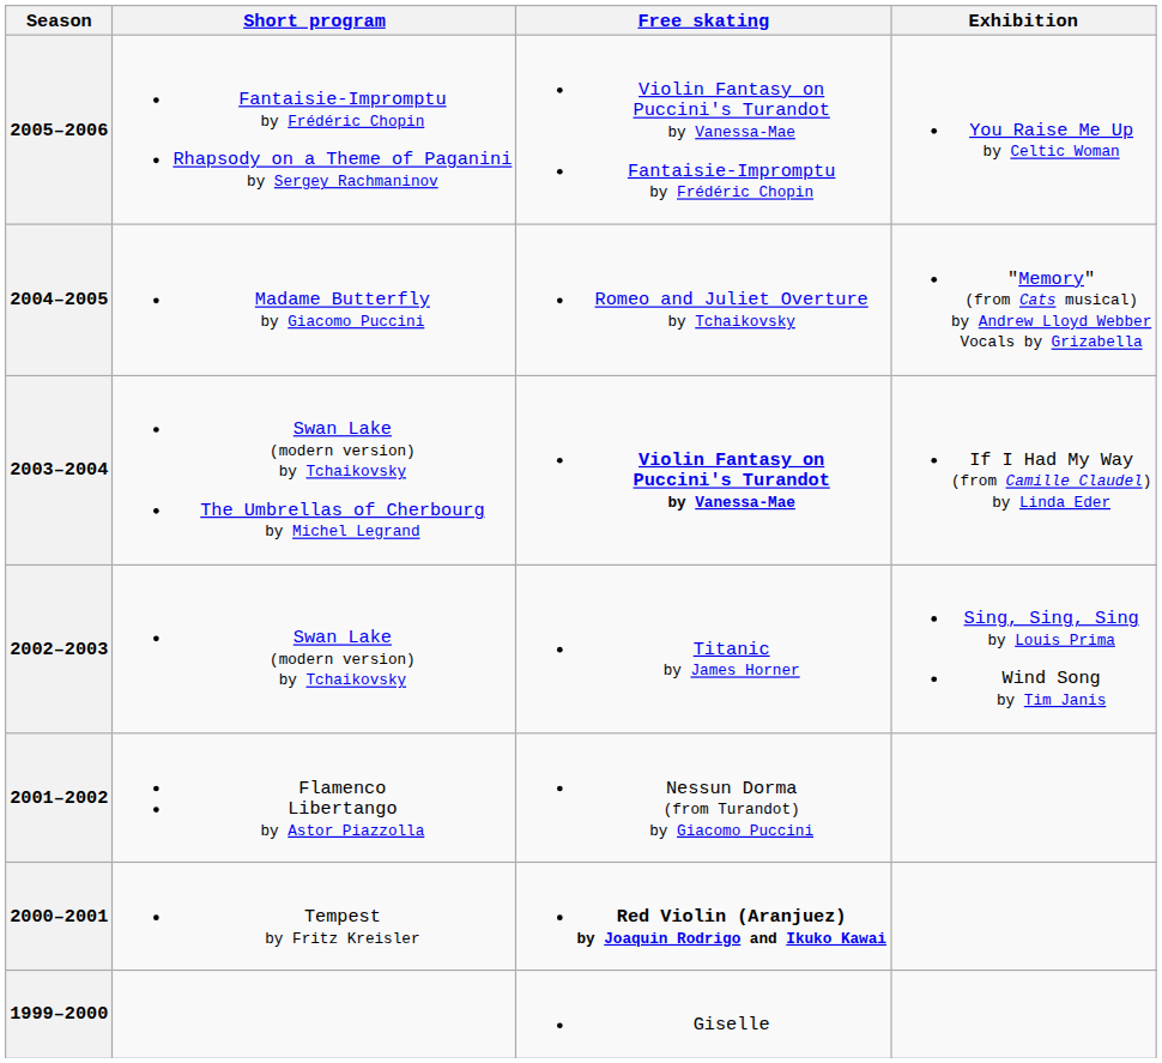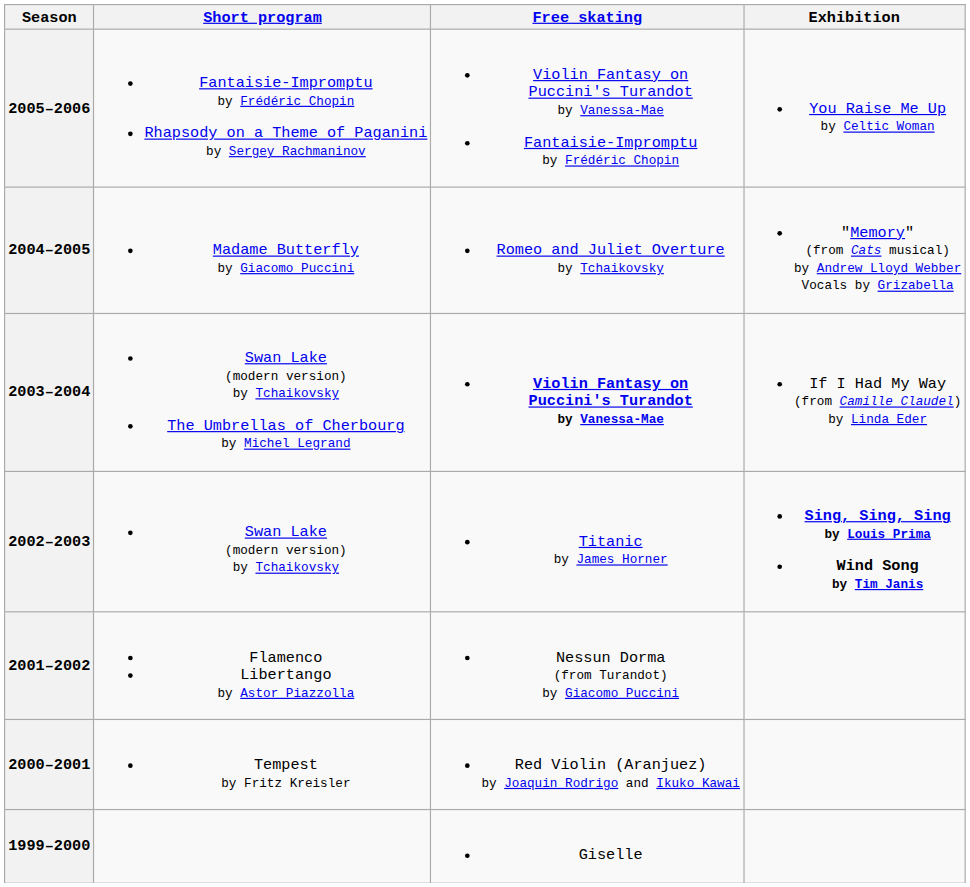 <table class="wikitable" style="text-align:center">
 <tr>
 <th>Season</th>
 <th><a href='#'>Short program</a></th>
 <th><a href='#'>Free skating</a></th>
 <th>Exhibition</th>
 </tr>
 <tr>
 <th>2005–2006 <br></th>
 <td><br><ul><li><a href='#'>Fantaisie-Impromptu</a> <br><small> by <a href='#'>Frédéric Chopin</a> </small></li></ul><ul><li><a href='#'>Rhapsody on a Theme of Paganini</a> <br><small> by <a href='#'>Sergey Rachmaninov</a> </small></li></ul></td>
 <td><br><ul><li><a href='#'>Violin Fantasy on <br> Puccini's Turandot</a> <br><small> by <a href='#'>Vanessa-Mae</a> </small></li></ul><ul><li><a href='#'>Fantaisie-Impromptu</a> <br><small> by <a href='#'>Frédéric Chopin</a> </small></li></ul></td>
 <td><br><ul><li><a href='#'>You Raise Me Up</a> <br><small> by <a href='#'>Celtic Woman</a> </small></li></ul></td>
 </tr>
 <tr>
 <th>2004–2005 <br></th>
 <td><br><ul><li><a href='#'>Madame Butterfly</a> <br><small> by <a href='#'>Giacomo Puccini</a> </small></li></ul></td>
 <td><br><ul><li><a href='#'>Romeo and Juliet Overture</a> <br><small> by <a href='#'>Tchaikovsky</a> </small></li></ul></td>
 <td><br><ul><li>"<a href='#'>Memory</a>" <br><small> (from <em><a href='#'>Cats</a></em> musical) <br> by <a href='#'>Andrew Lloyd Webber</a> <br> Vocals by <a href='#'>Grizabella</a> </small></li></ul></td>
 </tr>
 <tr>
 <th>2003–2004 <br></th>
 <td><br><ul><li><a href='#'>Swan Lake</a><br><small> (modern version) <br> by <a href='#'>Tchaikovsky</a> </small></li></ul><ul><li><a href='#'>The Umbrellas of Cherbourg</a> <br><small> by <a href='#'>Michel Legrand</a> </small></li></ul></td>
 <td><strong><br><ul><li><a href='#'>Violin Fantasy on <br> Puccini's Turandot</a> <br><small> by <a href='#'>Vanessa-Mae</a> </small></li></ul></strong></td>
 <td><br><ul><li>If I Had My Way <br><small> (from <em><a href='#'>Camille Claudel</a></em>) <br> by <a href='#'>Linda Eder</a> </small></li></ul></td>
 </tr>
 <tr>
 <th>2002–2003 <br></th>
 <td><br><ul><li><a href='#'>Swan Lake</a> <br><small> (modern version) <br> by <a href='#'>Tchaikovsky</a> </small></li></ul></td>
 <td><br><ul><li><a href='#'>Titanic</a> <br><small> by <a href='#'>James Horner</a> </small></li></ul></td>
-<td><br><ul><li><a href='#'>Sing, Sing, Sing</a> <br><small> by <a href='#'>Louis Prima</a> </small></li></ul><ul><li>Wind Song <br><small> by <a href='#'>Tim Janis</a> </small></li></ul></td>
+<td><strong><br><ul><li><a href='#'>Sing, Sing, Sing</a> <br><small> by <a href='#'>Louis Prima</a> </small></li></ul><ul><li>Wind Song <br><small> by <a href='#'>Tim Janis</a> </small></li></ul></strong></td>
 </tr>
 <tr>
 <th>2001–2002 <br></th>
 <td><br><ul><li>Flamenco</li><li>Libertango <br><small> by <a href='#'>Astor Piazzolla</a> </small></li></ul></td>
 <td><br><ul><li>Nessun Dorma <br><small> (from Turandot) <br> by <a href='#'>Giacomo Puccini</a> </small></li></ul></td>
 <td></td>
 </tr>
 <tr>
 <th>2000–2001 <br></th>
 <td><br><ul><li>Tempest <br><small> by Fritz Kreisler </small></li></ul></td>
-<td><strong><br><ul><li>Red Violin (Aranjuez) <br><small> by <a href='#'>Joaquin Rodrigo</a> and <a href='#'>Ikuko Kawai</a> </small></li></ul></strong></td>
+<td><br><ul><li>Red Violin (Aranjuez) <br><small> by <a href='#'>Joaquin Rodrigo</a> and <a href='#'>Ikuko Kawai</a> </small></li></ul></td>
 <td></td>
 </tr>
 <tr>
 <th>1999–2000 <br></th>
 <td></td>
 <td><br><ul><li>Giselle</li></ul></td>
 </tr>
 </table>
